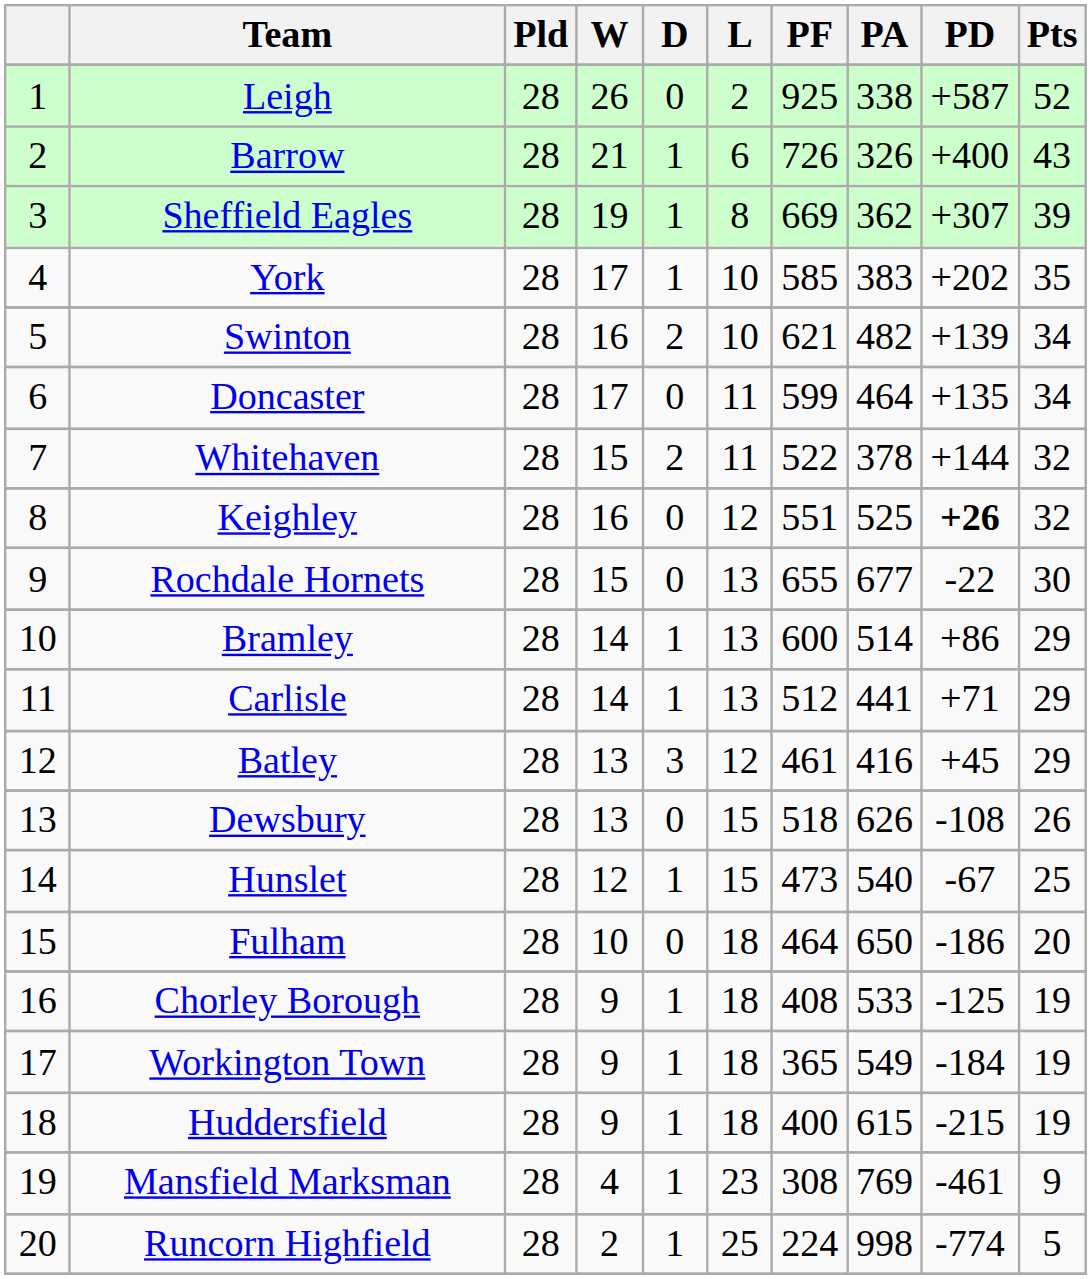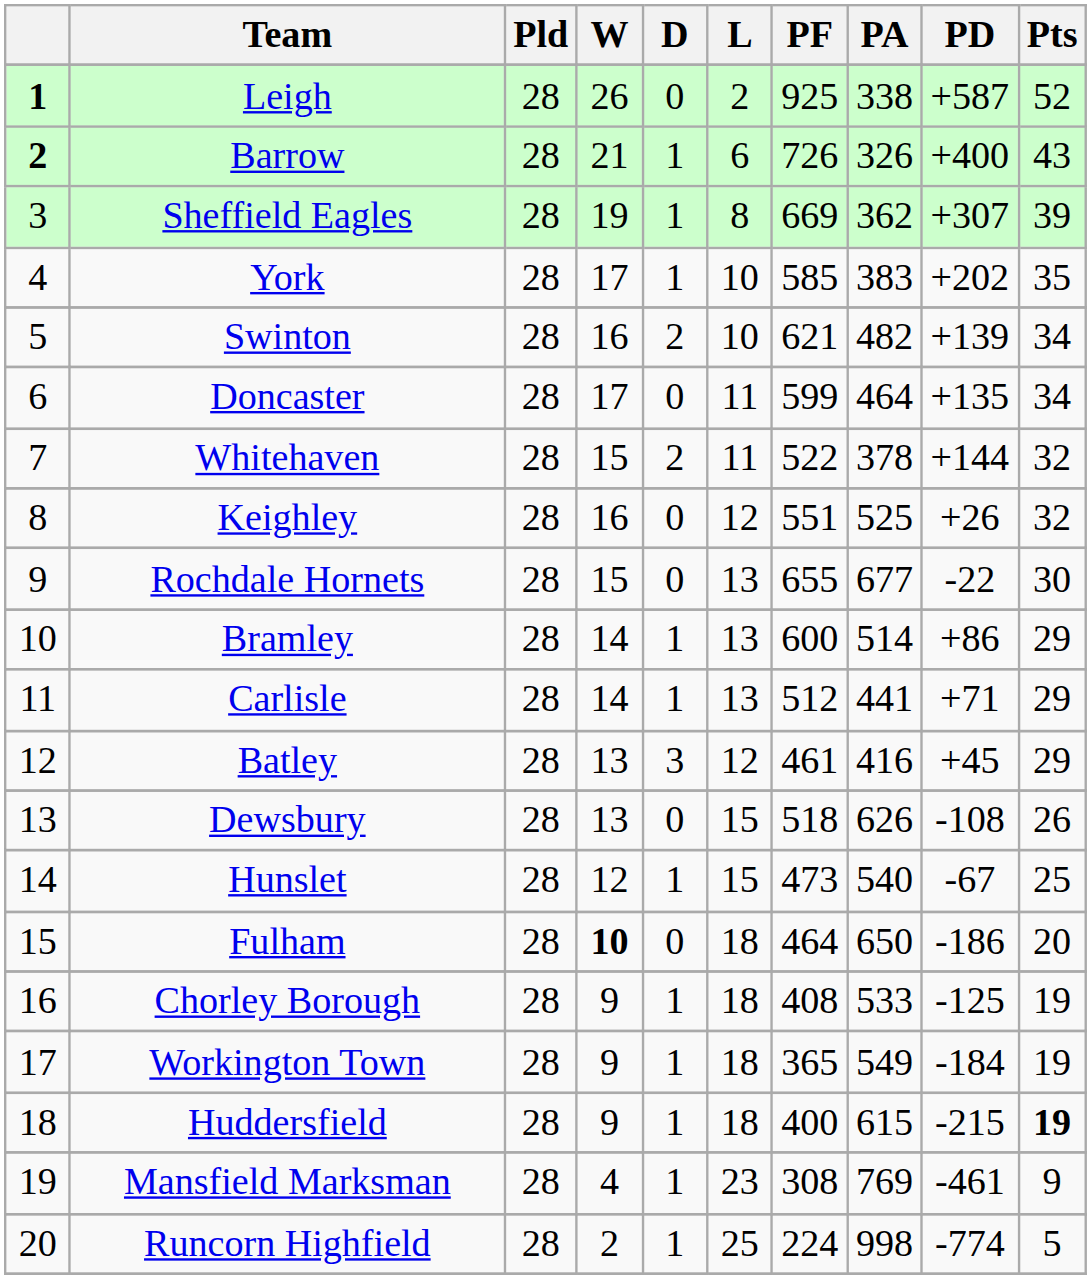 <table class="wikitable" style="text-align:center;">
 <tr>
 <th width=20 abbr="Position"></th>
 <th width=175>Team</th>
 <th width=20 abbr="Played">Pld</th>
 <th width=20 abbr="Won">W</th>
 <th width=20 abbr="Drawn">D</th>
 <th width=20 abbr="Lost">L</th>
 <th width=20 abbr=”Points For”>PF</th>
 <th width=20 abbr=”Points Against”>PA</th>
 <th width=20 abbr="Points difference">PD</th>
 <th width=20 abbr="Points">Pts</th>
 </tr>
 <tr>
 </tr>
 <tr align=center style="background:#ccffcc;color:">
-<td>1</td>
+<td><strong>1</strong></td>
 <td><a href='#'>Leigh</a></td>
 <td>28</td>
 <td>26</td>
 <td>0</td>
 <td>2</td>
 <td>925</td>
 <td>338</td>
 <td>+587</td>
 <td>52</td>
 </tr>
 <tr align=center style="background:#ccffcc;color:">
-<td>2</td>
+<td><strong>2</strong></td>
 <td><a href='#'>Barrow</a></td>
 <td>28</td>
 <td>21</td>
 <td>1</td>
 <td>6</td>
 <td>726</td>
 <td>326</td>
 <td>+400</td>
 <td>43</td>
 </tr>
 <tr align=center style="background:#ccffcc;color:">
 <td>3</td>
 <td><a href='#'>Sheffield Eagles</a></td>
 <td>28</td>
 <td>19</td>
 <td>1</td>
 <td>8</td>
 <td>669</td>
 <td>362</td>
 <td>+307</td>
 <td>39</td>
 </tr>
 <tr align=center style="background:">
 <td>4</td>
 <td><a href='#'>York</a></td>
 <td>28</td>
 <td>17</td>
 <td>1</td>
 <td>10</td>
 <td>585</td>
 <td>383</td>
 <td>+202</td>
 <td>35</td>
 </tr>
 <tr>
 </tr>
 <tr align=center style="background:">
 <td>5</td>
 <td><a href='#'>Swinton</a></td>
 <td>28</td>
 <td>16</td>
 <td>2</td>
 <td>10</td>
 <td>621</td>
 <td>482</td>
 <td>+139</td>
 <td>34</td>
 </tr>
 <tr>
 </tr>
 <tr align=center style="background:">
 <td>6</td>
 <td><a href='#'>Doncaster</a></td>
 <td>28</td>
 <td>17</td>
 <td>0</td>
 <td>11</td>
 <td>599</td>
 <td>464</td>
 <td>+135</td>
 <td>34</td>
 </tr>
 <tr>
 </tr>
 <tr align=center style="background:">
 <td>7</td>
 <td><a href='#'>Whitehaven</a></td>
 <td>28</td>
 <td>15</td>
 <td>2</td>
 <td>11</td>
 <td>522</td>
 <td>378</td>
 <td>+144</td>
 <td>32</td>
 </tr>
 <tr>
 </tr>
 <tr align=center style="background:">
 <td>8</td>
 <td><a href='#'>Keighley</a></td>
 <td>28</td>
 <td>16</td>
 <td>0</td>
 <td>12</td>
 <td>551</td>
 <td>525</td>
-<td><strong>+26</strong></td>
+<td>+26</td>
 <td>32</td>
 </tr>
 <tr>
 </tr>
 <tr align=center style="background:">
 <td>9</td>
 <td><a href='#'>Rochdale Hornets</a></td>
 <td>28</td>
 <td>15</td>
 <td>0</td>
 <td>13</td>
 <td>655</td>
 <td>677</td>
 <td>-22</td>
 <td>30</td>
 </tr>
 <tr>
 </tr>
 <tr align=center style="background:">
 <td>10</td>
 <td><a href='#'>Bramley</a></td>
 <td>28</td>
 <td>14</td>
 <td>1</td>
 <td>13</td>
 <td>600</td>
 <td>514</td>
 <td>+86</td>
 <td>29</td>
 </tr>
 <tr>
 </tr>
 <tr align=center style="background:">
 <td>11</td>
 <td><a href='#'>Carlisle</a></td>
 <td>28</td>
 <td>14</td>
 <td>1</td>
 <td>13</td>
 <td>512</td>
 <td>441</td>
 <td>+71</td>
 <td>29</td>
 </tr>
 <tr>
 </tr>
 <tr align=center style="background:">
 <td>12</td>
 <td><a href='#'>Batley</a></td>
 <td>28</td>
 <td>13</td>
 <td>3</td>
 <td>12</td>
 <td>461</td>
 <td>416</td>
 <td>+45</td>
 <td>29</td>
 </tr>
 <tr>
 </tr>
 <tr align=center style="background:">
 <td>13</td>
 <td><a href='#'>Dewsbury</a></td>
 <td>28</td>
 <td>13</td>
 <td>0</td>
 <td>15</td>
 <td>518</td>
 <td>626</td>
 <td>-108</td>
 <td>26</td>
 </tr>
 <tr>
 </tr>
 <tr align=center style="background:">
 <td>14</td>
 <td><a href='#'>Hunslet</a></td>
 <td>28</td>
 <td>12</td>
 <td>1</td>
 <td>15</td>
 <td>473</td>
 <td>540</td>
 <td>-67</td>
 <td>25</td>
 </tr>
 <tr>
 </tr>
 <tr align=center style="background:">
 <td>15</td>
 <td><a href='#'>Fulham</a></td>
 <td>28</td>
-<td>10</td>
+<td><strong>10</strong></td>
 <td>0</td>
 <td>18</td>
 <td>464</td>
 <td>650</td>
 <td>-186</td>
 <td>20</td>
 </tr>
 <tr>
 </tr>
 <tr align=center style="background:">
 <td>16</td>
 <td><a href='#'>Chorley Borough</a></td>
 <td>28</td>
 <td>9</td>
 <td>1</td>
 <td>18</td>
 <td>408</td>
 <td>533</td>
 <td>-125</td>
 <td>19</td>
 </tr>
 <tr>
 </tr>
 <tr align=center style="background:">
 <td>17</td>
 <td><a href='#'>Workington Town</a></td>
 <td>28</td>
 <td>9</td>
 <td>1</td>
 <td>18</td>
 <td>365</td>
 <td>549</td>
 <td>-184</td>
 <td>19</td>
 </tr>
 <tr>
 </tr>
 <tr align=center style="background:">
 <td>18</td>
 <td><a href='#'>Huddersfield</a></td>
 <td>28</td>
 <td>9</td>
 <td>1</td>
 <td>18</td>
 <td>400</td>
 <td>615</td>
 <td>-215</td>
-<td>19</td>
+<td><strong>19</strong></td>
 </tr>
 <tr>
 </tr>
 <tr align=center style="background:">
 <td>19</td>
 <td><a href='#'>Mansfield Marksman</a></td>
 <td>28</td>
 <td>4</td>
 <td>1</td>
 <td>23</td>
 <td>308</td>
 <td>769</td>
 <td>-461</td>
 <td>9</td>
 </tr>
 <tr>
 </tr>
 <tr align=center style="background:">
 <td>20</td>
 <td><a href='#'>Runcorn Highfield</a></td>
 <td>28</td>
 <td>2</td>
 <td>1</td>
 <td>25</td>
 <td>224</td>
 <td>998</td>
 <td>-774</td>
 <td>5</td>
 </tr>
 <tr>
 </tr>
 </table>
